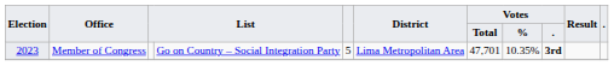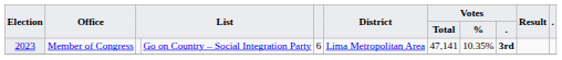 <table class="wikitable" style="font-size:90%; text-align:center;">
 <tr>
 <th style="background-color:#EAECF0;" rowspan=2>Election</th>
 <th style="background-color:#EAECF0;" rowspan=2>Office</th>
 <th style="background-color:#EAECF0;" colspan=2 rowspan=2>List</th>
 <th style="background-color:#EAECF0;" rowspan=2></th>
 <th style="background-color:#EAECF0;" rowspan=2>District</th>
 <th style="background-color:#EAECF0;" colspan=3>Votes</th>
 <th style="background-color:#EAECF0;" rowspan=2>Result</th>
 <th style="background-color:#EAECF0;" rowspan=2>.</th>
 </tr>
 <tr>
 <th style="background-color:#EAECF0;">Total</th>
 <th style="background-color:#EAECF0;">%</th>
 <th style="background-color:#EAECF0;">.</th>
 </tr>
 <tr>
 <td style="background-color:#EAECF0;"><a href='#'>2023</a></td>
 <td><a href='#'>Member of Congress</a></td>
 <td style="background-color:"></td>
 <td><a href='#'>Go on Country – Social Integration Party</a></td>
-<td>5</td>
+<td>6</td>
 <td><a href='#'>Lima Metropolitan Area</a></td>
-<td>47,701</td>
+<td>47,141</td>
 <td>10.35%</td>
 <td><strong>3rd</strong></td>
 <td></td>
 <td></td>
 </tr>
 <tr>
 </tr>
 </table>
